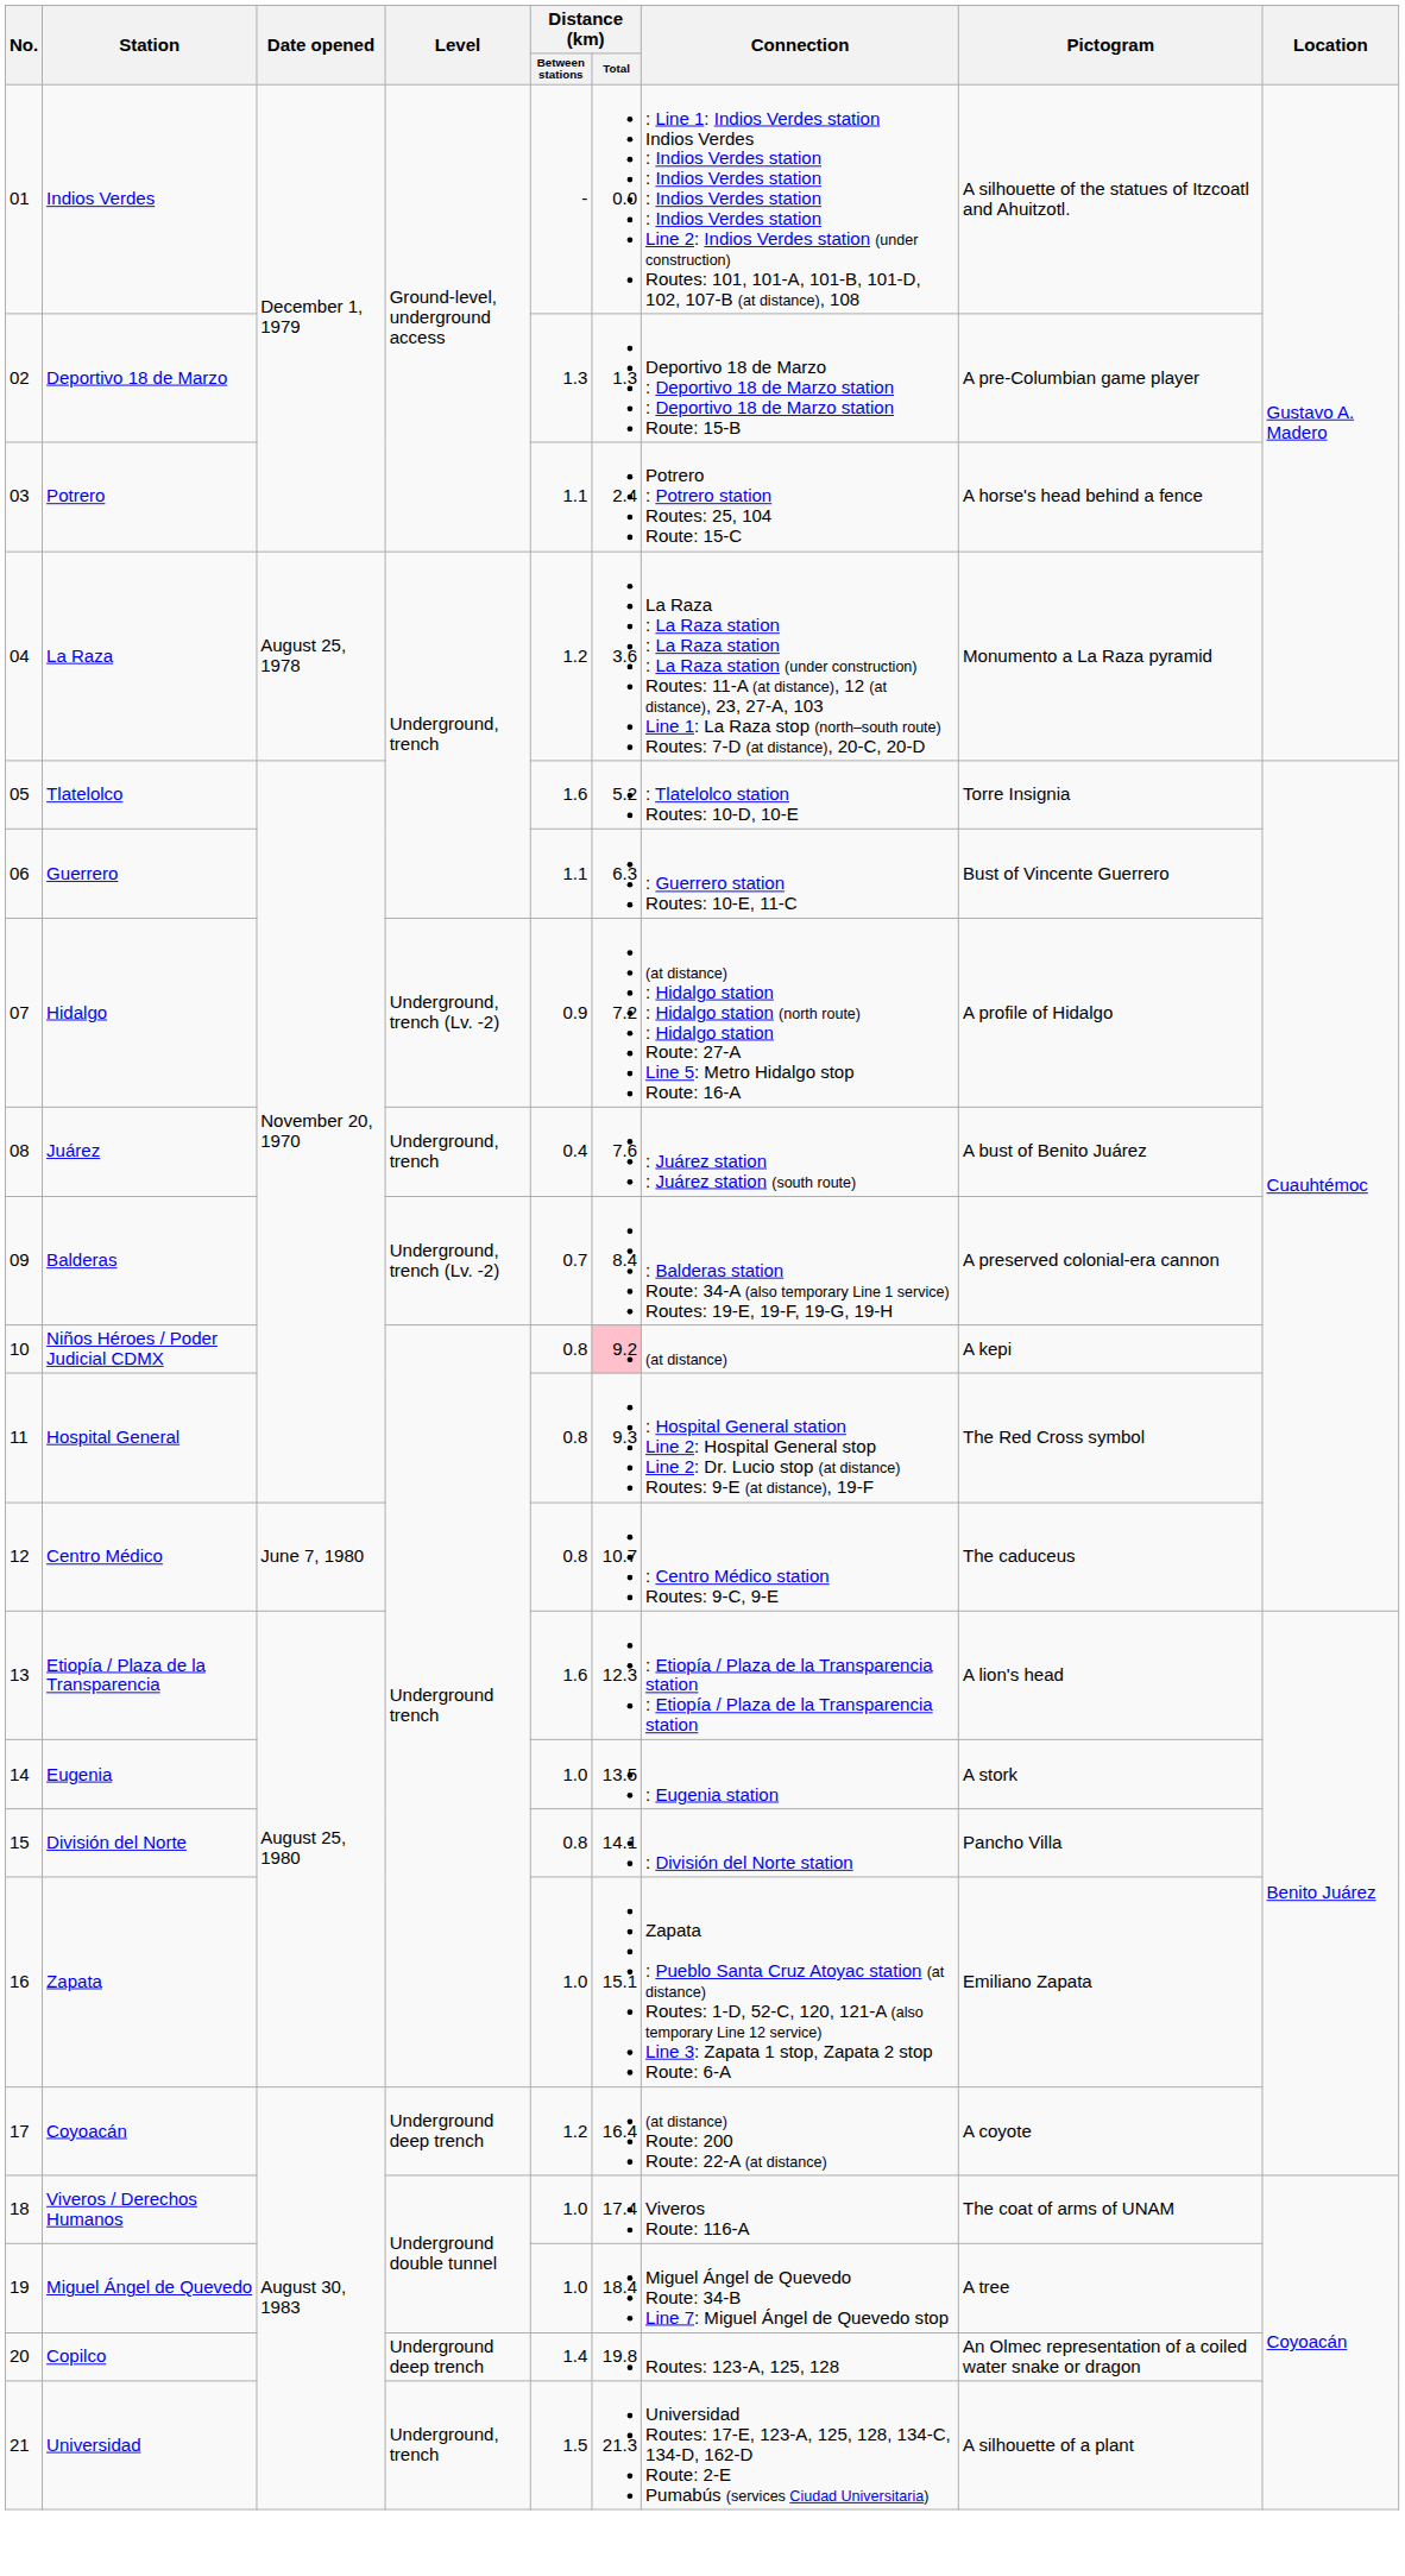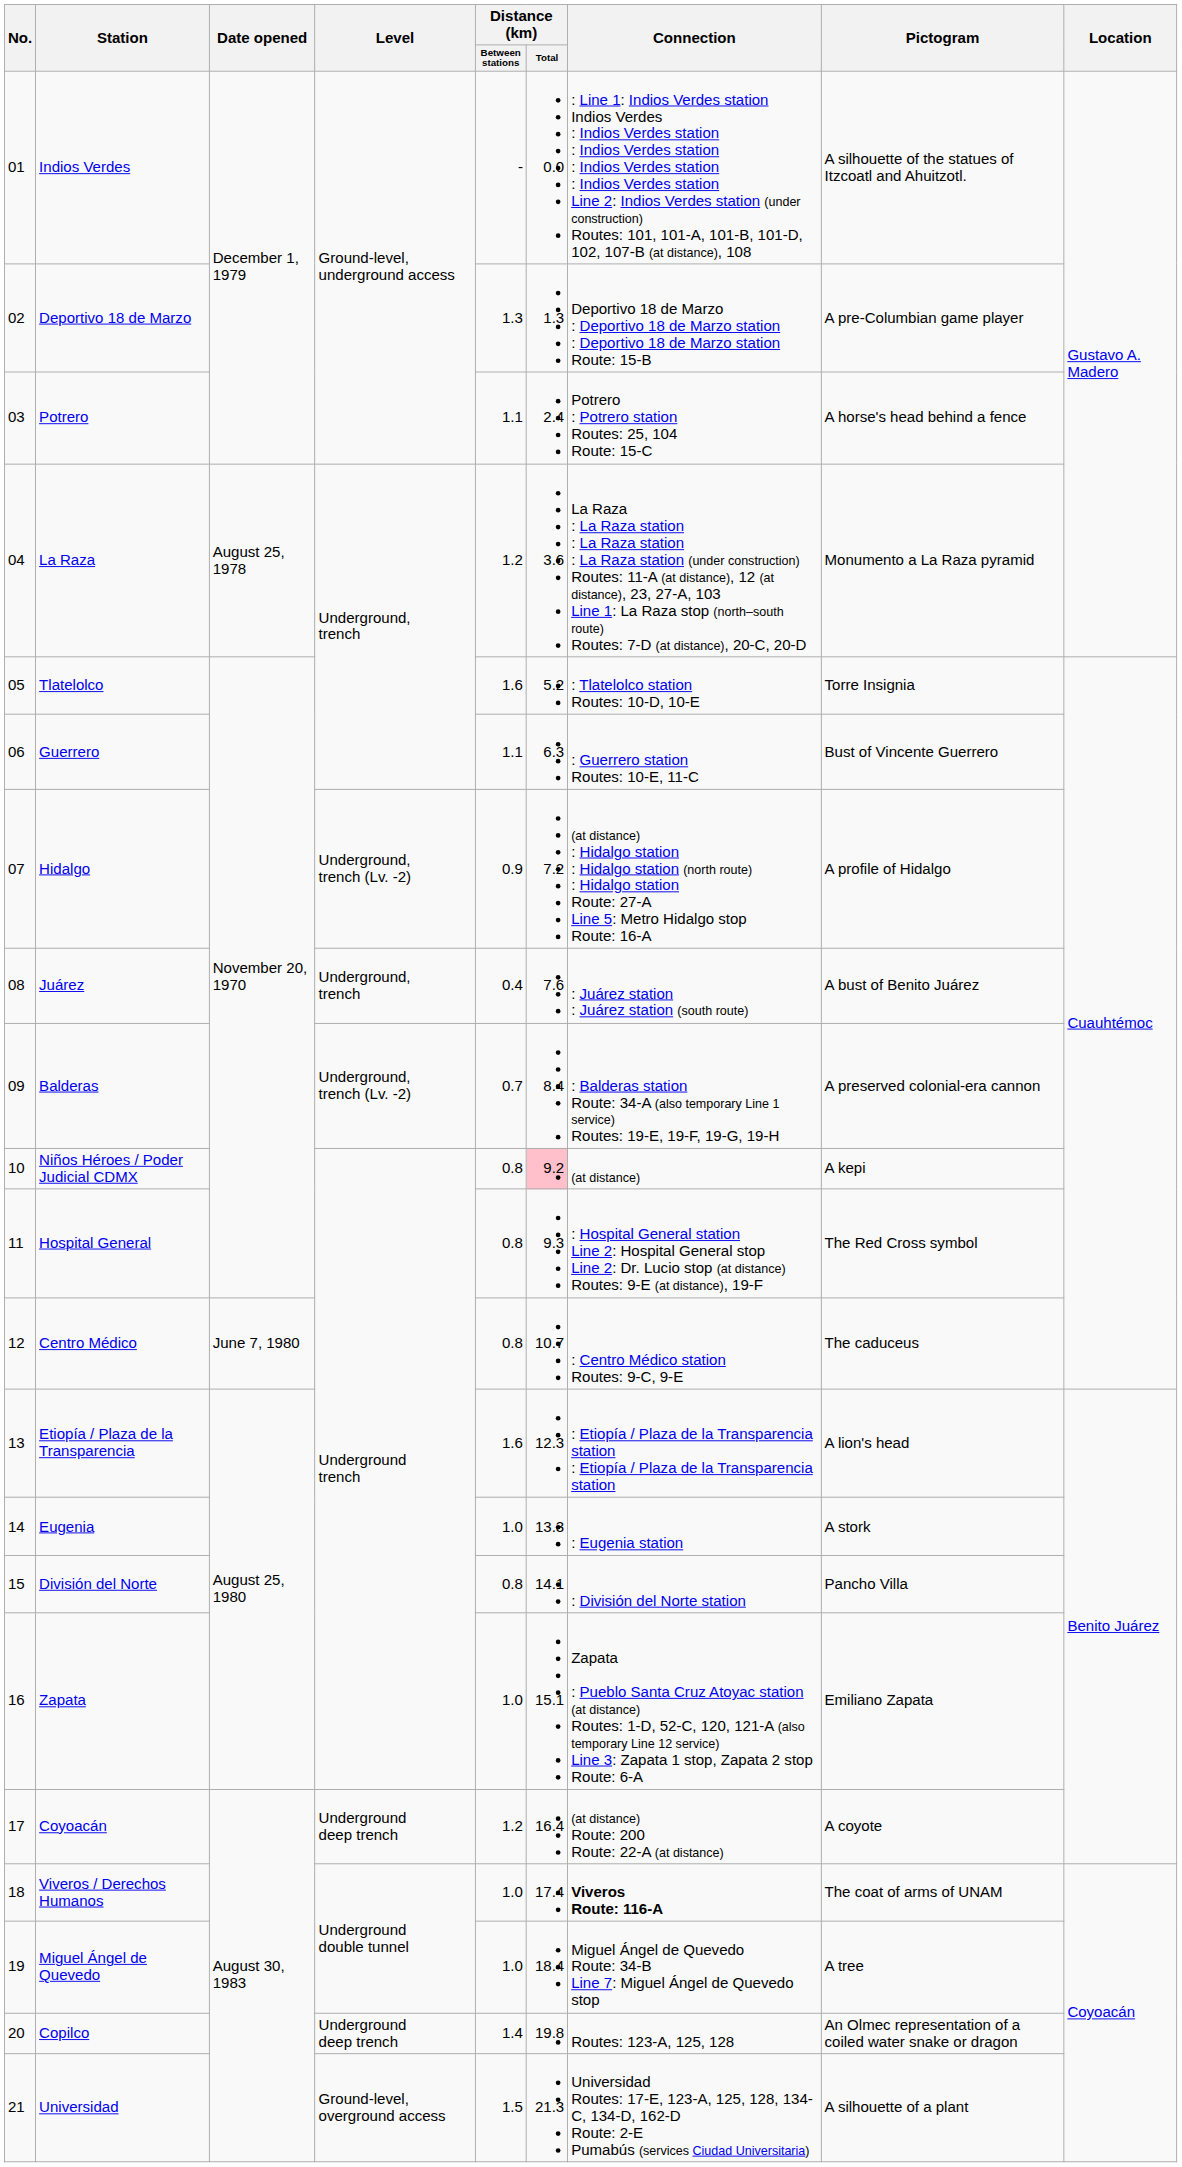 <table class="wikitable" rules="all">
 <tr>
 <th rowspan="2">No.</th>
 <th rowspan="2">Station</th>
 <th rowspan="2">Date opened</th>
 <th rowspan="2">Level</th>
 <th colspan="2">Distance (km)</th>
 <th rowspan="2">Connection</th>
 <th rowspan="2">Pictogram</th>
 <th rowspan="2">Location</th>
 </tr>
 <tr>
 <th style="font-size: 65%;">Between<br>stations</th>
 <th style="font-size: 65%;">Total</th>
 </tr>
 <tr>
 <td style="background: #">01</td>
 <td><a href='#'>Indios Verdes</a> </td>
 <td rowspan="3">December 1, 1979</td>
 <td rowspan="3">Ground-level, <br>underground access</td>
 <td style="text-align:right;">-</td>
 <td style="text-align:right;">0.0</td>
 <td><br><li> : <a href='#'>Line 1</a>: <a href='#'>Indios Verdes station</a></li> <li> Indios Verdes</li> <li> : <a href='#'>Indios Verdes station</a></li> <li> : <a href='#'>Indios Verdes station</a></li> <li> : <a href='#'>Indios Verdes station</a></li> <li> : <a href='#'>Indios Verdes station</a></li> <li>  <a href='#'>Line 2</a>: <a href='#'>Indios Verdes station</a> <small>(under construction)</small></li> <li> Routes: 101, 101-A, 101-B, 101-D, 102, 107-B <small>(at distance)</small>, 108</td>
 <td>A silhouette of the statues of Itzcoatl and Ahuitzotl.</td>
 <td rowspan="4"><a href='#'>Gustavo A. Madero</a></td>
 </tr>
 <tr>
 <td style="background: #">02</td>
 <td><a href='#'>Deportivo 18 de Marzo</a> </td>
 <td style="text-align:right;">1.3</td>
 <td style="text-align:right;">1.3</td>
 <td><br><li> </li> <li> Deportivo 18 de Marzo</li> <li> : <a href='#'>Deportivo 18 de Marzo station</a></li> <li> : <a href='#'>Deportivo 18 de Marzo station</a></li> <li> Route: 15-B</td>
 <td>A pre-Columbian game player</td>
 </tr>
 <tr>
 <td style="background: #">03</td>
 <td><a href='#'>Potrero</a> </td>
 <td style="text-align:right;">1.1</td>
 <td style="text-align:right;">2.4</td>
 <td><br><li> Potrero</li> <li> : <a href='#'>Potrero station</a></li> <li> Routes: 25, 104</li> <li> Route: 15-C</td>
 <td>A horse's head behind a fence</td>
 </tr>
 <tr>
 <td style="background: #">04</td>
 <td><a href='#'>La Raza</a> </td>
 <td>August 25, 1978</td>
 <td rowspan="3">Underground, <br>trench</td>
 <td style="text-align:right;">1.2</td>
 <td style="text-align:right;">3.6</td>
 <td><br><li> </li> <li> La Raza</li> <li> : <a href='#'>La Raza station</a></li> <li> : <a href='#'>La Raza station</a></li> <li> : <a href='#'>La Raza station</a> <small>(under construction)</small></li> <li> Routes: 11-A <small>(at distance)</small>, 12 <small>(at distance)</small>, 23, 27-A, 103</li> <li>  <a href='#'>Line 1</a>: La Raza stop <small>(north–south route)</small></li> <li> Routes: 7-D <small>(at distance)</small>, 20-C, 20-D</td>
 <td>Monumento a La Raza pyramid</td>
 </tr>
 <tr>
 <td style="background: #">05</td>
 <td><a href='#'>Tlatelolco</a></td>
 <td rowspan="7">November 20, 1970</td>
 <td style="text-align:right;">1.6</td>
 <td style="text-align:right;">5.2</td>
 <td><br><li> : <a href='#'>Tlatelolco station</a></li> <li> Routes: 10-D, 10-E</td>
 <td>Torre Insignia</td>
 <td rowspan="8"><a href='#'>Cuauhtémoc</a></td>
 </tr>
 <tr>
 <td style="background: #">06</td>
 <td><a href='#'>Guerrero</a> </td>
 <td style="text-align:right;">1.1</td>
 <td style="text-align:right;">6.3</td>
 <td><br><li> </li> <li> : <a href='#'>Guerrero station</a></li> <li> Routes: 10-E, 11-C</td>
 <td>Bust of Vincente Guerrero</td>
 </tr>
 <tr>
 <td style="background: #">07</td>
 <td><a href='#'>Hidalgo</a> </td>
 <td>Underground, <br>trench (Lv. -2)</td>
 <td style="text-align:right;">0.9</td>
 <td style="text-align:right;">7.2</td>
 <td><br><li> </li> <li> <small>(at distance)</small></li> <li> : <a href='#'>Hidalgo station</a></li> <li> : <a href='#'>Hidalgo station</a> <small>(north route)</small></li> <li> : <a href='#'>Hidalgo station</a></li> <li> Route: 27-A<br><li>  <a href='#'>Line 5</a>: Metro Hidalgo stop</li> <li> Route: 16-A</td>
 <td>A profile of Hidalgo</td>
 </tr>
 <tr>
 <td style="background: #">08</td>
 <td><a href='#'>Juárez</a> </td>
 <td>Underground,<br>trench</td>
 <td style="text-align:right;">0.4</td>
 <td style="text-align:right;">7.6</td>
 <td><br><li></li> <li> : <a href='#'>Juárez station</a></li> <li> : <a href='#'>Juárez station</a> <small>(south route)</small></td>
 <td>A bust of Benito Juárez</td>
 </tr>
 <tr>
 <td style="background: #">09</td>
 <td><a href='#'>Balderas</a> </td>
 <td>Underground, <br>trench (Lv. -2)</td>
 <td style="text-align:right;">0.7</td>
 <td style="text-align:right;">8.4</td>
 <td><br><li></li> <li> </li> <li> : <a href='#'>Balderas station</a></li> <li> Route: 34-A <small>(also temporary Line 1 service)</small><br><li> Routes: 19-E, 19-F, 19-G, 19-H</td>
 <td>A preserved colonial-era cannon</td>
 </tr>
 <tr>
 <td style="background: #">10</td>
 <td><a href='#'>Niños Héroes / Poder Judicial CDMX</a> </td>
 <td rowspan="7">Underground <br>trench</td>
 <td style="text-align:right;">0.8</td>
 <td style="background: pink; text-align:right;">9.2</td>
 <td><br><li> <small>(at distance)</small></td>
 <td>A kepi</td>
 </tr>
 <tr>
 <td style="background: #">11</td>
 <td><a href='#'>Hospital General</a> </td>
 <td style="text-align:right;">0.8</td>
 <td style="text-align:right;">9.3</td>
 <td><br><li></li> <li> : <a href='#'>Hospital General station</a></li> <li>  <a href='#'>Line 2</a>: Hospital General stop</li> <li>  <a href='#'>Line 2</a>: Dr. Lucio stop <small>(at distance)</small></li> <li> Routes: 9-E <small>(at distance)</small>, 19-F</td>
 <td>The Red Cross symbol</td>
 </tr>
 <tr>
 <td style="background: #">12</td>
 <td><a href='#'>Centro Médico</a> </td>
 <td>June 7, 1980</td>
 <td style="text-align:right;">0.8</td>
 <td style="text-align:right;">10.7</td>
 <td><br><li> </li> <li></li> <li> : <a href='#'>Centro Médico station</a></li> <li> Routes: 9-C, 9-E</td>
 <td>The caduceus</td>
 </tr>
 <tr>
 <td style="background: #">13</td>
 <td><a href='#'>Etiopía / Plaza de la Transparencia</a> </td>
 <td rowspan="4">August 25, 1980</td>
 <td style="text-align:right;">1.6</td>
 <td style="text-align:right;">12.3</td>
 <td><br><li></li> <li> : <a href='#'>Etiopía / Plaza de la Transparencia station</a></li> <li> : <a href='#'>Etiopía / Plaza de la Transparencia station</a></td>
 <td>A lion's head</td>
 <td rowspan="5"><a href='#'>Benito Juárez</a></td>
 </tr>
 <tr>
 <td style="background: #">14</td>
 <td><a href='#'>Eugenia</a></td>
 <td style="text-align:right;">1.0</td>
-<td style="text-align:right;">13.5</td>
+<td style="text-align:right;">13.3</td>
 <td><br><li></li> <li> : <a href='#'>Eugenia station</a></td>
 <td>A stork</td>
 </tr>
 <tr>
 <td style="background: #">15</td>
 <td><a href='#'>División del Norte</a></td>
 <td style="text-align:right;">0.8</td>
 <td style="text-align:right;">14.1</td>
 <td><br><li></li> <li> : <a href='#'>División del Norte station</a></td>
 <td>Pancho Villa</td>
 </tr>
 <tr>
 <td style="background: #">16</td>
 <td><a href='#'>Zapata</a> </td>
 <td style="text-align:right;">1.0</td>
 <td style="text-align:right;">15.1</td>
 <td><br><li> </li> <li> Zapata</li> <li></li> <li> : <a href='#'>Pueblo Santa Cruz Atoyac station</a> <small>(at distance)</small></li> <li> Routes: 1-D, 52-C, 120, 121-A <small>(also temporary Line 12 service)</small></li> <li>  <a href='#'>Line 3</a>: Zapata 1 stop, Zapata 2 stop</li> <li> Route: 6-A</td>
 <td>Emiliano Zapata</td>
 </tr>
 <tr>
 <td style="background: #">17</td>
 <td><a href='#'>Coyoacán</a></td>
 <td rowspan="5">August 30, 1983</td>
 <td>Underground<br>deep trench</td>
 <td style="text-align:right;">1.2</td>
 <td style="text-align:right;">16.4</td>
 <td><br><li> <small>(at distance)</small></li> <li> Route: 200</li> <li> Route: 22-A <small>(at distance)</small></td>
 <td>A coyote</td>
 </tr>
 <tr>
 <td style="background: #">18</td>
 <td><a href='#'>Viveros / Derechos Humanos</a> </td>
 <td rowspan="2">Underground<br>double tunnel</td>
 <td style="text-align:right;">1.0</td>
 <td style="text-align:right;">17.4</td>
-<td><br><li> Viveros</li> <li> Route: 116-A</td>
+<td><strong><br><li> Viveros</li> <li> Route: 116-A</strong></td>
 <td>The coat of arms of UNAM</td>
 <td rowspan="4"><a href='#'>Coyoacán</a></td>
 </tr>
 <tr>
 <td style="background: #">19</td>
 <td><a href='#'>Miguel Ángel de Quevedo</a> </td>
 <td style="text-align:right;">1.0</td>
 <td style="text-align:right;">18.4</td>
 <td><br><li> Miguel Ángel de Quevedo</li> <li> Route: 34-B</li> <li>  <a href='#'>Line 7</a>: Miguel Ángel de Quevedo stop</td>
 <td>A tree</td>
 </tr>
 <tr>
 <td style="background: #">20</td>
 <td><a href='#'>Copilco</a> </td>
 <td>Underground<br>deep trench</td>
 <td style="text-align:right;">1.4</td>
 <td style="text-align:right;">19.8</td>
 <td><br><li> Routes: 123-A, 125, 128</td>
 <td>An Olmec representation of a coiled water snake or dragon</td>
 </tr>
 <tr>
 <td style="background: #">21</td>
 <td><a href='#'>Universidad</a> </td>
-<td>Underground,<br>trench</td>
+<td>Ground-level, overground access</td>
 <td style="text-align:right;">1.5</td>
 <td style="text-align:right;">21.3</td>
 <td><br><li> Universidad</li> <li> Routes: 17-E, 123-A, 125, 128, 134-C, 134-D, 162-D</li> <li> Route: 2-E</li> <li> Pumabús <small>(services <a href='#'>Ciudad Universitaria</a>)</small></td>
 <td>A silhouette of a plant</td>
 </tr>
 </table>
